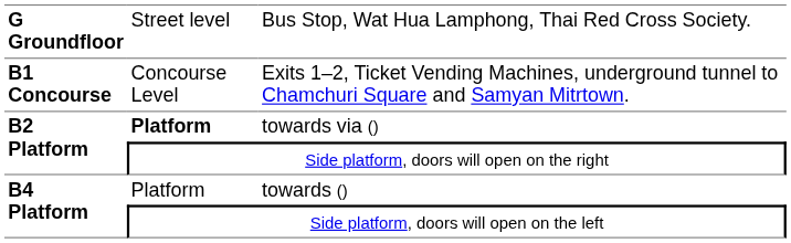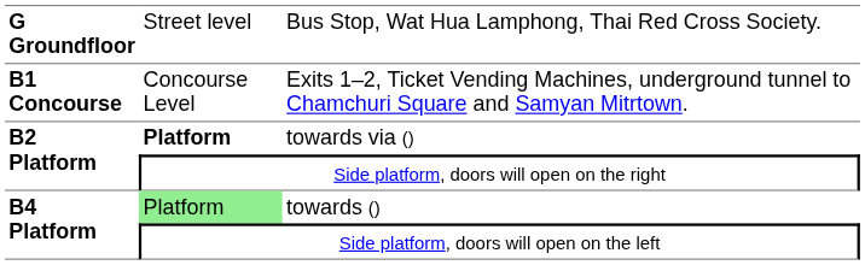 <table width=50% table border=0 cellspacing=0 cellpadding=3>
 <tr>
 <td style = "border-top:solid 1px gray;border-bottom:solid 1px gray;" valign=top><strong>G<br>Groundfloor<br></strong></td>
 <td style = "border-top:solid 1px gray;border-bottom:solid 1px gray;" valign=top>Street level</td>
 <td style = "border-top:solid 1px gray;border-bottom:solid 1px gray;" valign=top>Bus Stop, Wat Hua Lamphong, Thai Red Cross Society.</td>
 </tr>
 <tr>
 <td style = "border-bottom:solid 1px gray;" rowspan=1 valign=top><strong>B1<br>Concourse<br></strong></td>
 <td style = "border-bottom:solid 1px gray;" valign=top>Concourse Level</td>
 <td style = "border-bottom:solid 1px gray;" valign=top>Exits 1–2, Ticket Vending Machines, underground tunnel to <a href='#'>Chamchuri Square</a> and <a href='#'>Samyan Mitrtown</a>.</td>
 </tr>
 <tr>
 <td style = "border-bottom:solid 1px gray;" rowspan=2 valign=top><strong>B2<br>Platform</strong></td>
 <td><strong>Platform </strong></td>
 <td> towards  via  <small>()</small></td>
 </tr>
 <tr>
 <td style="border-bottom:solid 1px gray;border-top:solid 2px black;border-right:solid 2px black;border-left:solid 2px black;" colspan=2 align=center><small><a href='#'>Side platform</a>, doors will open on the right</small></td>
 </tr>
 <tr>
 <td style = "border-bottom:solid 1px gray;" rowspan=2 valign=top><strong>B4<br>Platform</strong></td>
-<td>Platform </td>
+<td style="background: lightgreen;">Platform </td>
 <td> towards  <small>()</small></td>
 </tr>
 <tr>
 <td style="border-bottom:solid 1px gray;border-top:solid 2px black;border-right:solid 2px black;border-left:solid 2px black;" colspan=2 align=center><small><a href='#'>Side platform</a>, doors will open on the left</small></td>
 </tr>
 </table>
